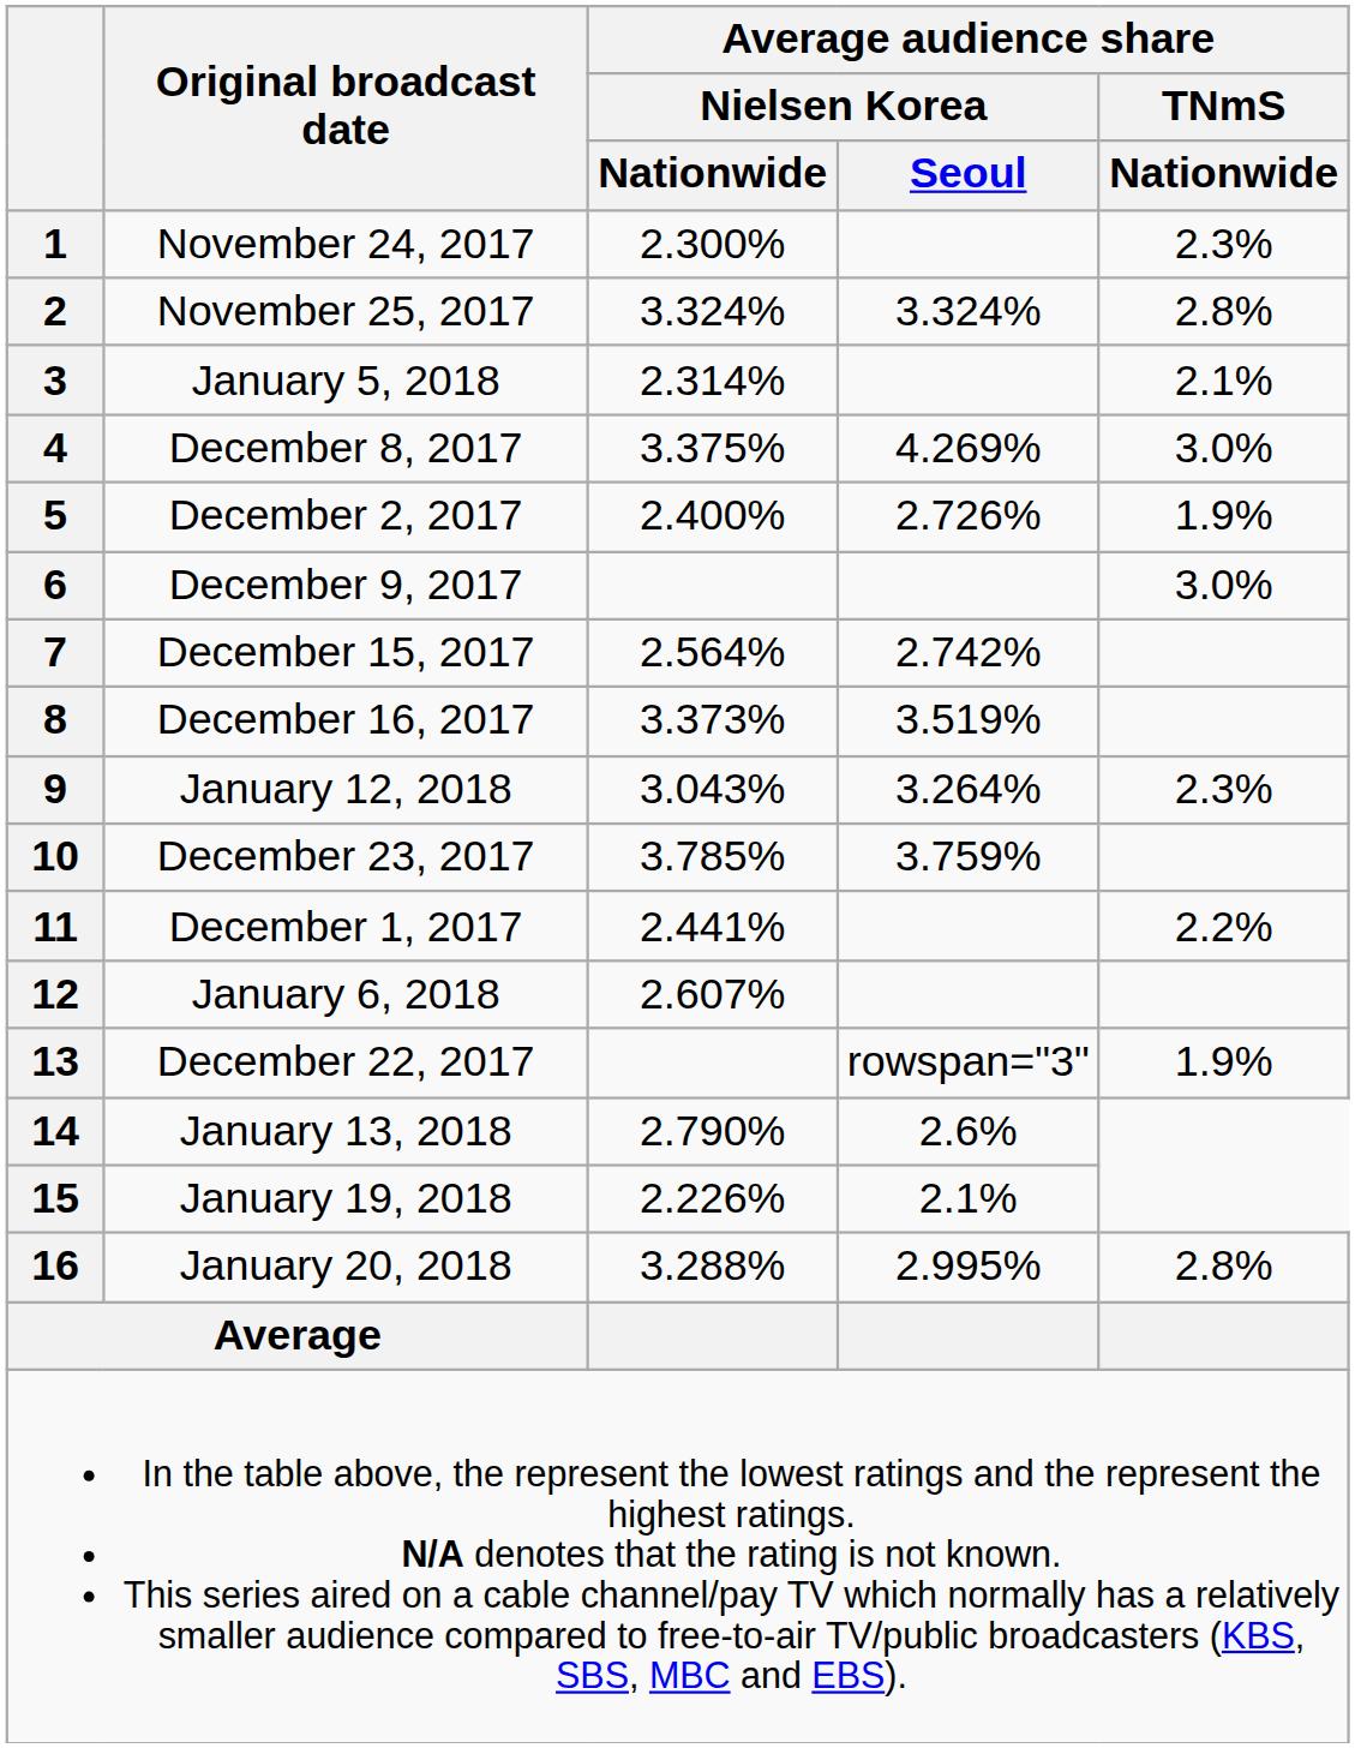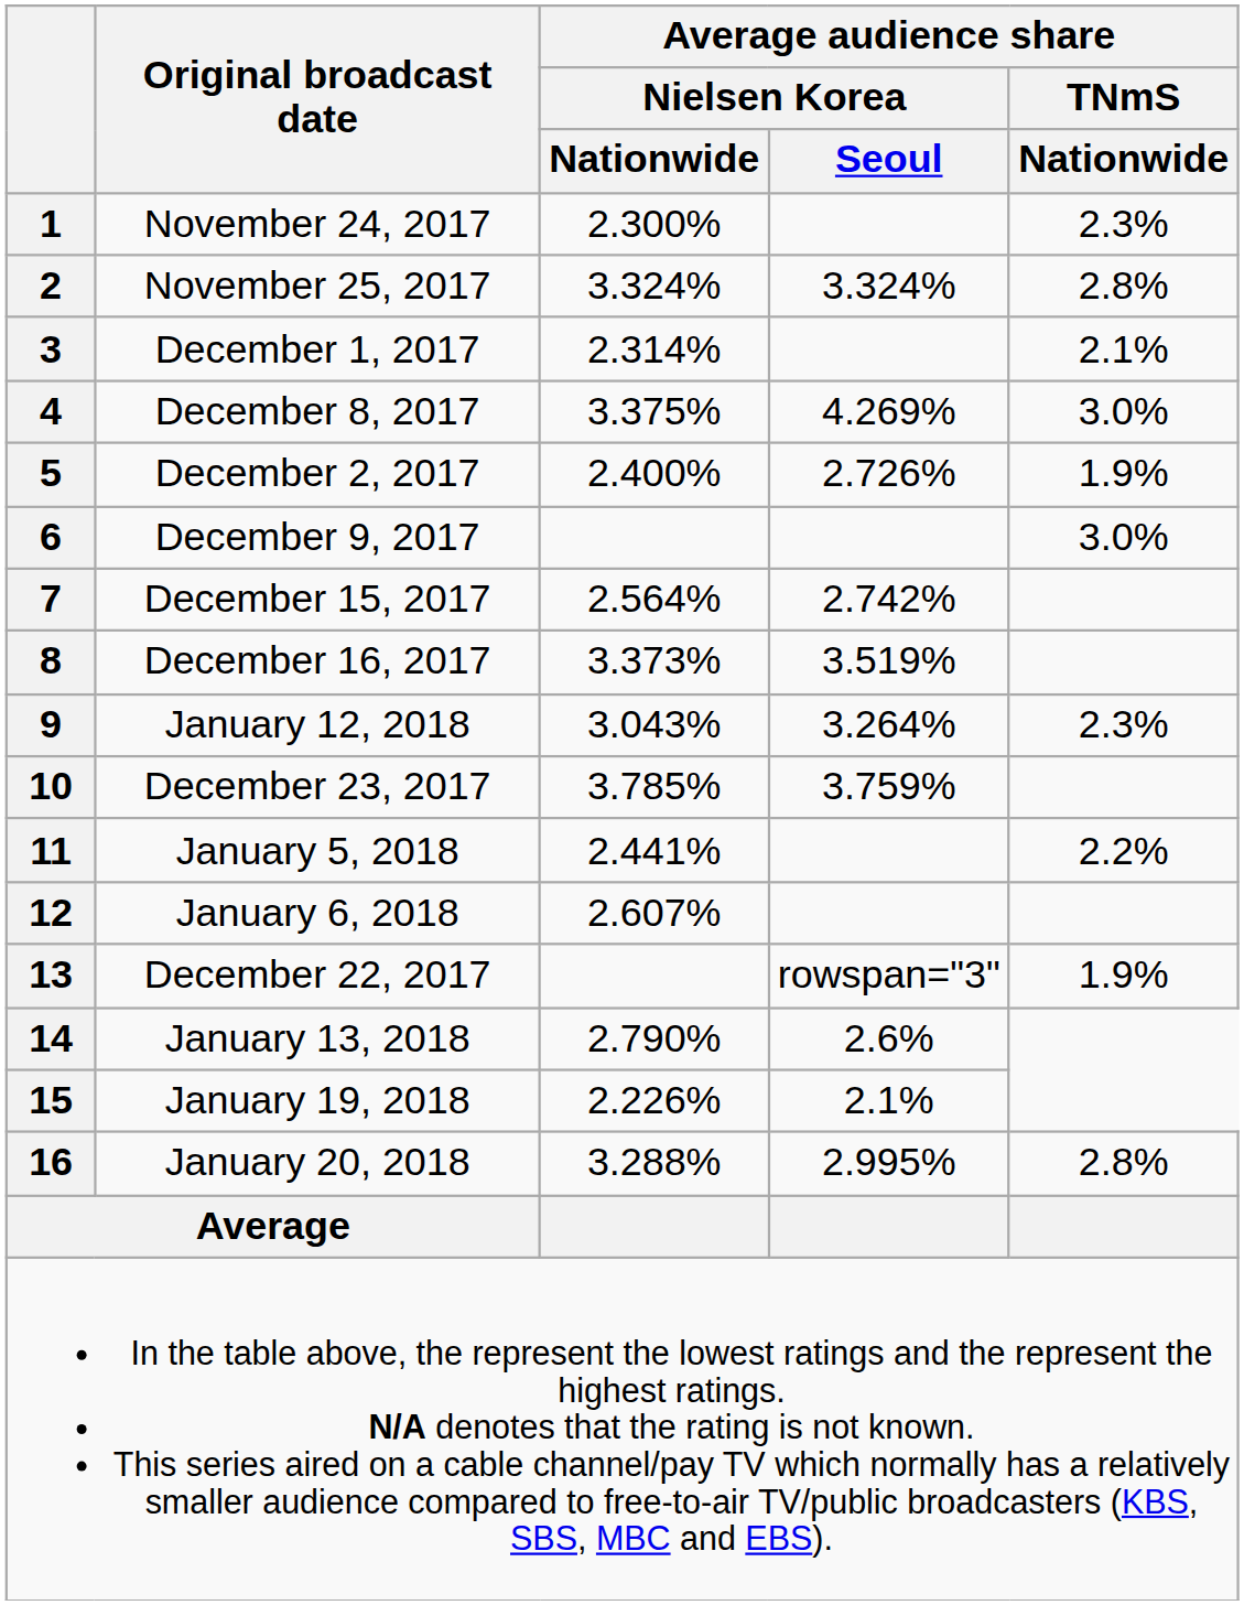 <table class="wikitable" style="text-align:center;max-width:500px; margin-left: auto; margin-right: auto; border: none;">
 <tr>
 </tr>
 <tr>
 <th rowspan="3"></th>
 <th rowspan="3">Original broadcast date</th>
 <th colspan="3">Average audience share</th>
 </tr>
 <tr>
 <th colspan="2">Nielsen Korea</th>
 <th>TNmS</th>
 </tr>
 <tr>
 <th width="80">Nationwide</th>
 <th width="80"><a href='#'>Seoul</a></th>
 <th width="80">Nationwide</th>
 </tr>
 <tr>
 <th>1</th>
 <td>November 24, 2017</td>
 <td>2.300%</td>
 <td></td>
 <td>2.3%</td>
 </tr>
 <tr>
 <th>2</th>
 <td>November 25, 2017</td>
 <td>3.324%</td>
 <td>3.324%</td>
 <td>2.8%</td>
 </tr>
 <tr>
 <th>3</th>
-<td>January 5, 2018</td>
+<td>December 1, 2017</td>
 <td>2.314%</td>
 <td></td>
 <td>2.1%</td>
 </tr>
 <tr>
 <th>4</th>
 <td>December 8, 2017</td>
 <td>3.375%</td>
 <td>4.269%</td>
 <td>3.0%</td>
 </tr>
 <tr>
 <th>5</th>
 <td>December 2, 2017</td>
 <td>2.400%</td>
 <td>2.726%</td>
 <td>1.9%</td>
 </tr>
 <tr>
 <th>6</th>
 <td>December 9, 2017</td>
 <td></td>
 <td></td>
 <td>3.0%</td>
 </tr>
 <tr>
 <th>7</th>
 <td>December 15, 2017</td>
 <td>2.564%</td>
 <td>2.742%</td>
 <td></td>
 </tr>
 <tr>
 <th>8</th>
 <td>December 16, 2017</td>
 <td>3.373%</td>
 <td>3.519%</td>
 <td></td>
 </tr>
 <tr>
 <th>9</th>
 <td>January 12, 2018</td>
 <td>3.043%</td>
 <td>3.264%</td>
 <td>2.3%</td>
 </tr>
 <tr>
 <th>10</th>
 <td>December 23, 2017</td>
 <td>3.785%</td>
 <td>3.759%</td>
 <td></td>
 </tr>
 <tr>
 <th>11</th>
-<td>December 1, 2017</td>
+<td>January 5, 2018</td>
 <td>2.441%</td>
 <td></td>
 <td>2.2%</td>
 </tr>
 <tr>
 <th>12</th>
 <td>January 6, 2018</td>
 <td>2.607%</td>
 <td></td>
 <td></td>
 </tr>
 <tr>
 <th>13</th>
 <td>December 22, 2017</td>
 <td></td>
 <td>rowspan="3" </td>
 <td>1.9%</td>
 </tr>
 <tr>
 <th>14</th>
 <td>January 13, 2018</td>
 <td>2.790%</td>
 <td>2.6%</td>
 </tr>
 <tr>
 <th>15</th>
 <td>January 19, 2018</td>
 <td>2.226%</td>
 <td>2.1%</td>
 </tr>
 <tr>
 <th>16</th>
 <td>January 20, 2018</td>
 <td>3.288%</td>
 <td>2.995%</td>
 <td>2.8%</td>
 </tr>
 <tr>
 <th colspan="2">Average</th>
 <th></th>
 <th></th>
 <th></th>
 </tr>
 <tr>
 <td colspan="5" style="font-size:85%"><br><ul><li>In the table above, the  represent the lowest ratings and the  represent the highest ratings.</li><li><strong>N/A</strong> denotes that the rating is not known.</li><li>This series aired on a cable channel/pay TV which normally has a relatively smaller audience compared to free-to-air TV/public broadcasters (<a href='#'>KBS</a>, <a href='#'>SBS</a>, <a href='#'>MBC</a> and <a href='#'>EBS</a>).</li></ul></td>
 </tr>
 </table>
